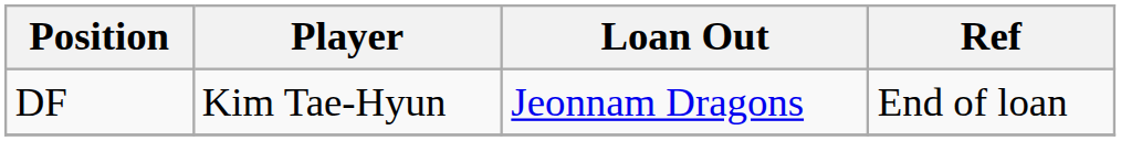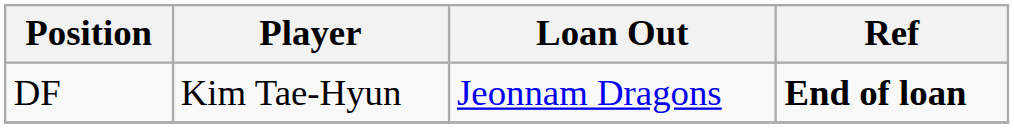 <table class="wikitable sortable" style="width:70%; text-align:center; font-size:100%; text-align:left;">
 <tr>
 <th>Position</th>
 <th>Player</th>
 <th>Loan Out</th>
 <th>Ref</th>
 </tr>
 <tr>
 <td>DF</td>
 <td> Kim Tae-Hyun</td>
 <td> <a href='#'>Jeonnam Dragons</a></td>
-<td>End of loan</td>
+<td><strong>End of loan</strong></td>
 </tr>
 <tr>
 </tr>
 </table>
